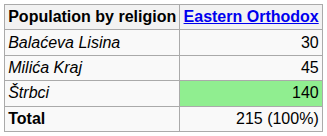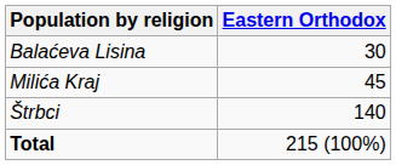 <table class="wikitable sortable">
 <tr>
 <th>Population by religion</th>
 <th><a href='#'>Eastern Orthodox</a></th>
 </tr>
 <tr>
 <td><em>Balaćeva Lisina</em></td>
 <td align="right">30</td>
 </tr>
 <tr>
 <td><em>Milića Kraj</em></td>
 <td align="right">45</td>
 </tr>
 <tr>
 <td><em>Štrbci</em></td>
-<td align="right" style="background: lightgreen;">140</td>
+<td align="right">140</td>
 </tr>
 <tr>
 <td><strong>Total</strong></td>
 <td align="right">215 (100%)</td>
 </tr>
 </table>
